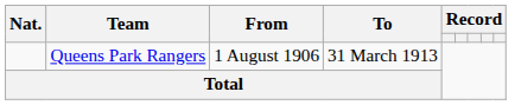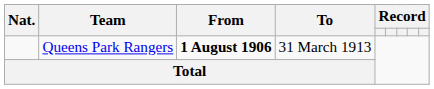 <table class=wikitable style=text-align:center>
 <tr>
 <th rowspan="2">Nat.</th>
 <th rowspan="2">Team</th>
 <th rowspan="2">From</th>
 <th rowspan="2">To</th>
 <th colspan="5">Record</th>
 </tr>
 <tr>
 <th></th>
 <th></th>
 <th></th>
 <th></th>
 <th></th>
 </tr>
 <tr>
 <td></td>
 <td><a href='#'>Queens Park Rangers</a></td>
-<td>1 August 1906</td>
+<td><strong>1 August 1906</strong></td>
 <td>31 March 1913<br></td>
 </tr>
 <tr>
 <th colspan="4">Total<br></th>
 </tr>
 </table>
